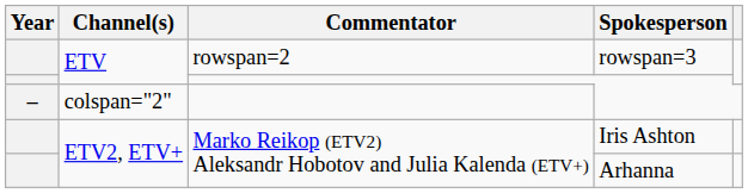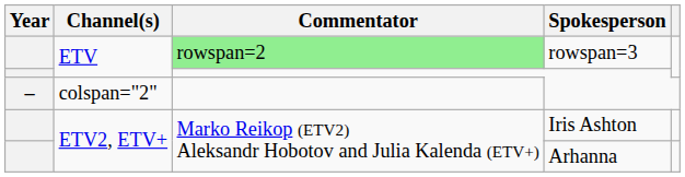 <table class="wikitable sortable plainrowheaders">
 <tr>
 <th scope="col">Year</th>
 <th scope="col">Channel(s)</th>
 <th scope="col">Commentator</th>
 <th scope="col">Spokesperson</th>
 <th scope="col" class="unsortable"></th>
 </tr>
 <tr>
 <th scope="row"></th>
 <td rowspan=2><a href='#'>ETV</a></td>
-<td>rowspan=2 </td>
+<td style="background: lightgreen;">rowspan=2 </td>
 <td>rowspan=3 </td>
 <td rowspan=2></td>
 </tr>
 <tr>
 <th scope="row"></th>
 </tr>
 <tr>
 <th scope="row">–</th>
 <td>colspan="2" </td>
 <td></td>
 </tr>
 <tr>
 <th scope="row"></th>
 <td rowspan="2"><a href='#'>ETV2</a>, <a href='#'>ETV+</a></td>
 <td rowspan="2"><a href='#'>Marko Reikop</a> <small>(ETV2)</small><br>Aleksandr Hobotov and Julia Kalenda <small>(ETV+)</small></td>
 <td>Iris Ashton</td>
 <td></td>
 </tr>
 <tr>
 <th scope="row"></th>
 <td>Arhanna</td>
 <td></td>
 </tr>
 </table>
